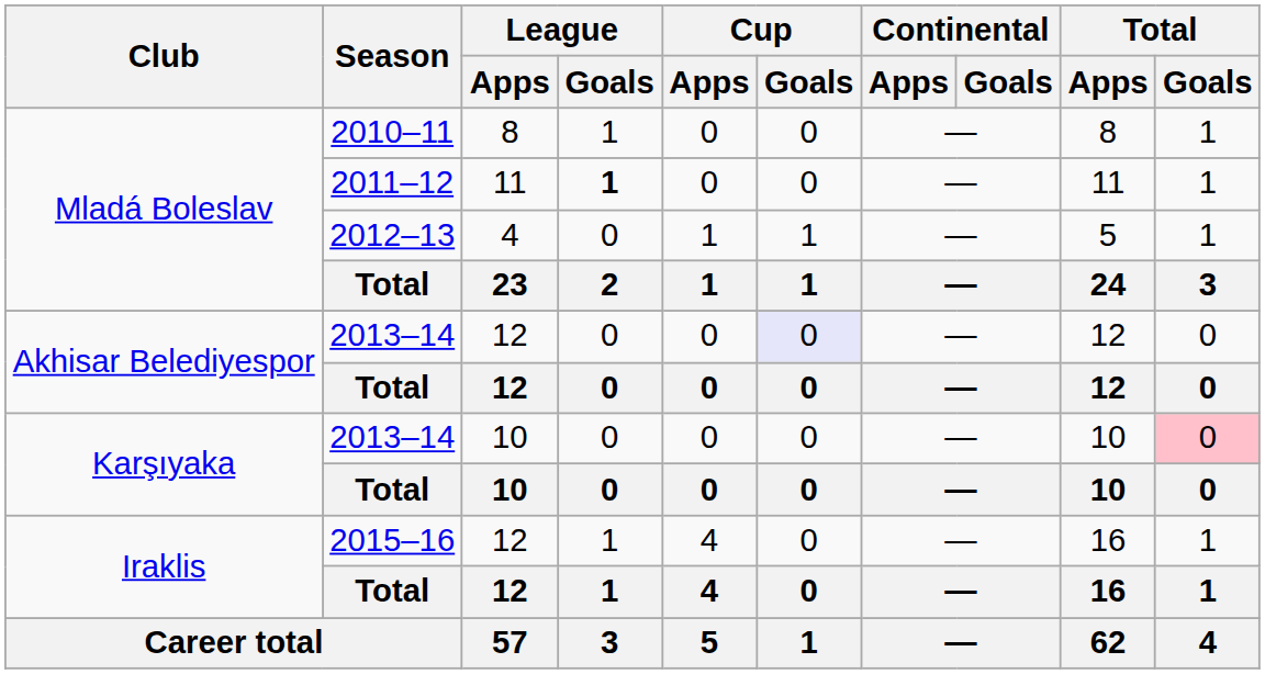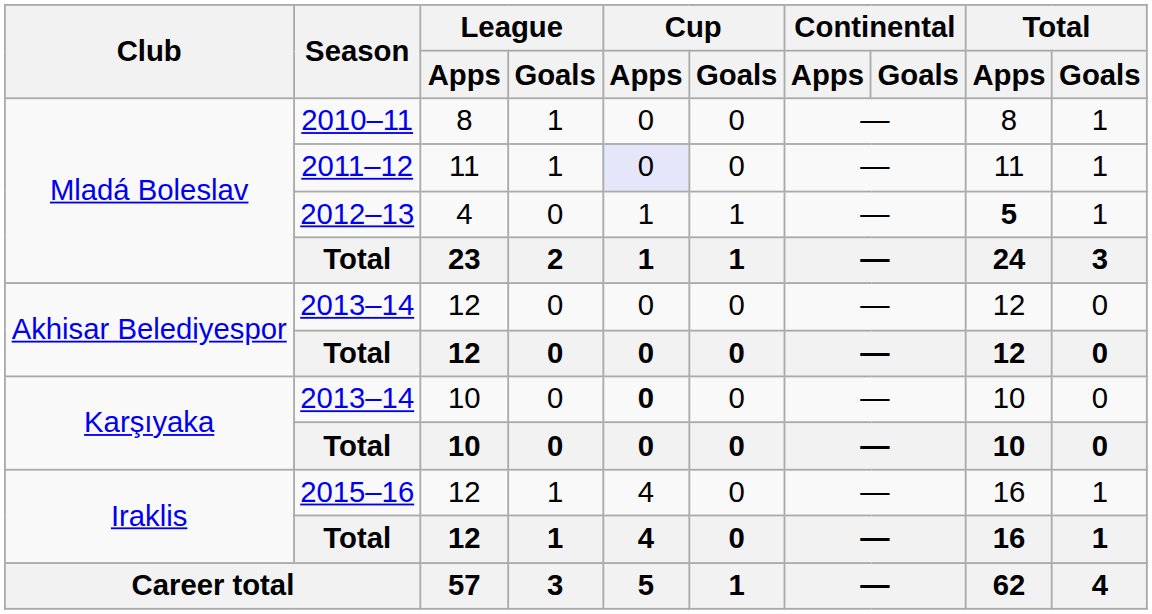 <table class="wikitable" style="text-align:center;">
 <tr>
 <th rowspan="2">Club</th>
 <th rowspan="2">Season</th>
 <th colspan="2">League</th>
 <th colspan="2">Cup</th>
 <th colspan="2">Continental</th>
 <th colspan="2">Total</th>
 </tr>
 <tr>
 <th>Apps</th>
 <th>Goals</th>
 <th>Apps</th>
 <th>Goals</th>
 <th>Apps</th>
 <th>Goals</th>
 <th>Apps</th>
 <th>Goals</th>
 </tr>
 <tr>
 <td rowspan="4"><a href='#'>Mladá Boleslav</a></td>
 <td><a href='#'>2010–11</a></td>
 <td>8</td>
 <td>1</td>
 <td>0</td>
 <td>0</td>
 <td colspan="2">—</td>
 <td>8</td>
 <td>1</td>
 </tr>
 <tr>
 <td><a href='#'>2011–12</a></td>
 <td>11</td>
-<td><strong>1</strong></td>
-<td>0</td>
+<td>1</td>
+<td style="background: lavender;">0</td>
 <td>0</td>
 <td colspan="2">—</td>
 <td>11</td>
 <td>1</td>
 </tr>
 <tr>
 <td><a href='#'>2012–13</a></td>
 <td>4</td>
 <td>0</td>
 <td>1</td>
 <td>1</td>
 <td colspan="2">—</td>
-<td>5</td>
+<td><strong>5</strong></td>
 <td>1</td>
 </tr>
 <tr>
 <th>Total</th>
 <th>23</th>
 <th>2</th>
 <th>1</th>
 <th>1</th>
 <th colspan="2">—</th>
 <th>24</th>
 <th>3</th>
 </tr>
 <tr>
 <td rowspan="2"><a href='#'>Akhisar Belediyespor</a></td>
 <td><a href='#'>2013–14</a></td>
 <td>12</td>
 <td>0</td>
 <td>0</td>
-<td style="background: lavender;">0</td>
+<td>0</td>
 <td colspan="2">—</td>
 <td>12</td>
 <td>0</td>
 </tr>
 <tr>
 <th>Total</th>
 <th>12</th>
 <th>0</th>
 <th>0</th>
 <th>0</th>
 <th colspan="2">—</th>
 <th>12</th>
 <th>0</th>
 </tr>
 <tr>
 <td rowspan="2"><a href='#'>Karşıyaka</a></td>
 <td><a href='#'>2013–14</a></td>
 <td>10</td>
 <td>0</td>
-<td>0</td>
+<td><strong>0</strong></td>
 <td>0</td>
 <td colspan="2">—</td>
 <td>10</td>
-<td style="background: pink;">0</td>
+<td>0</td>
 </tr>
 <tr>
 <th>Total</th>
 <th>10</th>
 <th>0</th>
 <th>0</th>
 <th>0</th>
 <th colspan="2">—</th>
 <th>10</th>
 <th>0</th>
 </tr>
 <tr>
 <td rowspan="2"><a href='#'>Iraklis</a></td>
 <td><a href='#'>2015–16</a></td>
 <td>12</td>
 <td>1</td>
 <td>4</td>
 <td>0</td>
 <td colspan="2">—</td>
 <td>16</td>
 <td>1</td>
 </tr>
 <tr>
 <th>Total</th>
 <th>12</th>
 <th>1</th>
 <th>4</th>
 <th>0</th>
 <th colspan="2">—</th>
 <th>16</th>
 <th>1</th>
 </tr>
 <tr>
 <th colspan="2">Career total</th>
 <th>57</th>
 <th>3</th>
 <th>5</th>
 <th>1</th>
 <th colspan="2">—</th>
 <th>62</th>
 <th>4</th>
 </tr>
 </table>
